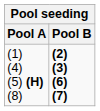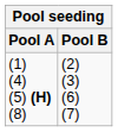 <table class="wikitable collapsible">
 <tr>
 <th colspan=2>Pool seeding</th>
 </tr>
 <tr>
 <th>Pool A</th>
 <th>Pool B</th>
 </tr>
 <tr>
 <td valign=top> (1)<br> (4)<br> (5) <strong>(H)</strong><br> (8)</td>
-<td valign=top><strong> (2) <br> (3)<br> (6)<br> (7)</strong></td>
+<td valign=top> (2) <br> (3)<br> (6)<br> (7)</td>
 </tr>
 </table>
